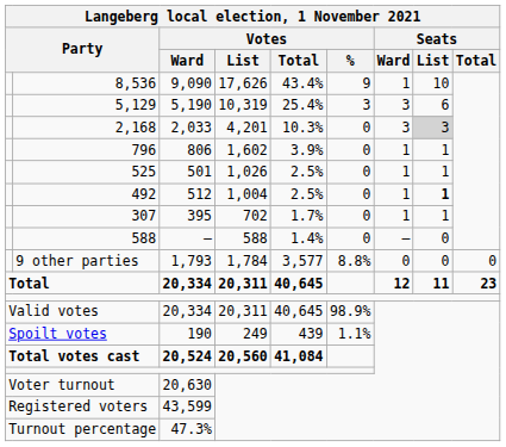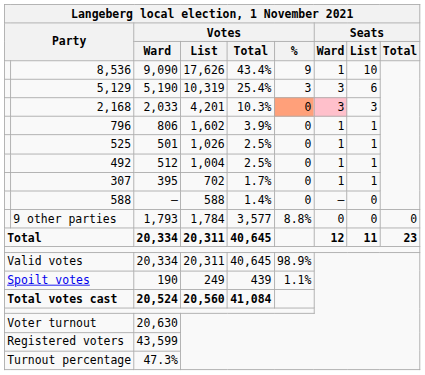 <table class=wikitable style="text-align:right">
 <tr>
 <th colspan="9" align="center">Langeberg local election, 1 November 2021</th>
 </tr>
 <tr>
 <th rowspan="2" colspan="2">Party</th>
 <th colspan="4" align="center">Votes</th>
 <th colspan="3" align="center">Seats</th>
 </tr>
 <tr>
 <th>Ward</th>
 <th>List</th>
 <th>Total</th>
 <th>%</th>
 <th>Ward</th>
 <th>List</th>
 <th>Total</th>
 </tr>
 <tr>
 <td></td>
 <td>8,536</td>
 <td>9,090</td>
 <td>17,626</td>
 <td>43.4%</td>
 <td>9</td>
 <td>1</td>
 <td>10</td>
 </tr>
 <tr>
 <td></td>
 <td>5,129</td>
 <td>5,190</td>
 <td>10,319</td>
 <td>25.4%</td>
 <td>3</td>
 <td>3</td>
 <td>6</td>
 </tr>
 <tr>
 <td></td>
 <td>2,168</td>
 <td>2,033</td>
 <td>4,201</td>
 <td>10.3%</td>
-<td>0</td>
+<td style="background: lightsalmon;">0</td>
+<td style="background: pink;">3</td>
 <td>3</td>
-<td style="background: lightgrey;">3</td>
 </tr>
 <tr>
 <td></td>
 <td>796</td>
 <td>806</td>
 <td>1,602</td>
 <td>3.9%</td>
 <td>0</td>
 <td>1</td>
 <td>1</td>
 </tr>
 <tr>
 <td></td>
 <td>525</td>
 <td>501</td>
 <td>1,026</td>
 <td>2.5%</td>
 <td>0</td>
 <td>1</td>
 <td>1</td>
 </tr>
 <tr>
 <td></td>
 <td>492</td>
 <td>512</td>
 <td>1,004</td>
 <td>2.5%</td>
 <td>0</td>
 <td>1</td>
-<td><strong>1</strong></td>
+<td>1</td>
 </tr>
 <tr>
 <td></td>
 <td>307</td>
 <td>395</td>
 <td>702</td>
 <td>1.7%</td>
 <td>0</td>
 <td>1</td>
 <td>1</td>
 </tr>
 <tr>
 <td></td>
 <td>588</td>
 <td>–</td>
 <td>588</td>
 <td>1.4%</td>
 <td>0</td>
 <td>–</td>
 <td>0</td>
 </tr>
 <tr>
 <td></td>
 <td style="text-align:left">9 other parties</td>
 <td>1,793</td>
 <td>1,784</td>
 <td>3,577</td>
 <td>8.8%</td>
 <td>0</td>
 <td>0</td>
 <td>0</td>
 </tr>
 <tr>
 <td colspan="2" style="text-align:left"><strong>Total</strong></td>
 <td><strong>20,334</strong></td>
 <td><strong>20,311</strong></td>
 <td><strong>40,645</strong></td>
 <td></td>
 <td><strong>12</strong></td>
 <td><strong>11</strong></td>
 <td><strong>23</strong></td>
 </tr>
 <tr>
 <td colspan="9"></td>
 </tr>
 <tr>
 <td colspan="2" style="text-align:left">Valid votes</td>
 <td>20,334</td>
 <td>20,311</td>
 <td>40,645</td>
 <td>98.9%</td>
 </tr>
 <tr>
 <td colspan="2" style="text-align:left"><a href='#'>Spoilt votes</a></td>
 <td>190</td>
 <td>249</td>
 <td>439</td>
 <td>1.1%</td>
 </tr>
 <tr>
 <td colspan="2" style="text-align:left"><strong>Total votes cast</strong></td>
 <td><strong>20,524</strong></td>
 <td><strong>20,560</strong></td>
 <td><strong>41,084</strong></td>
 <td></td>
 </tr>
 <tr>
 <td colspan="6"></td>
 </tr>
 <tr>
 <td colspan="2" style="text-align:left">Voter turnout</td>
 <td>20,630</td>
 </tr>
 <tr>
 <td colspan="2" style="text-align:left">Registered voters</td>
 <td>43,599</td>
 </tr>
 <tr>
 <td colspan="2" style="text-align:left">Turnout percentage</td>
 <td>47.3%</td>
 </tr>
 </table>
